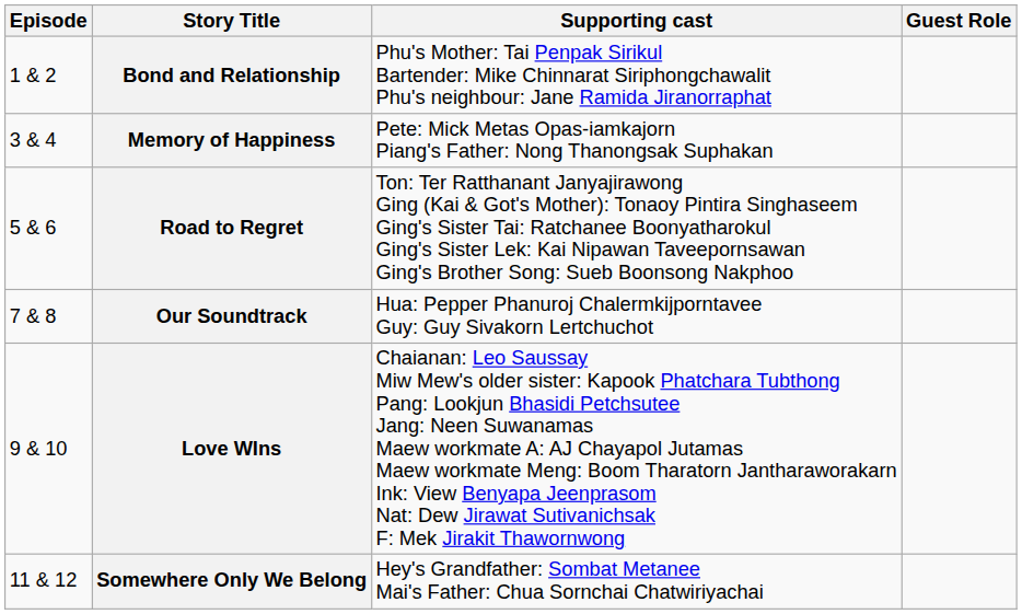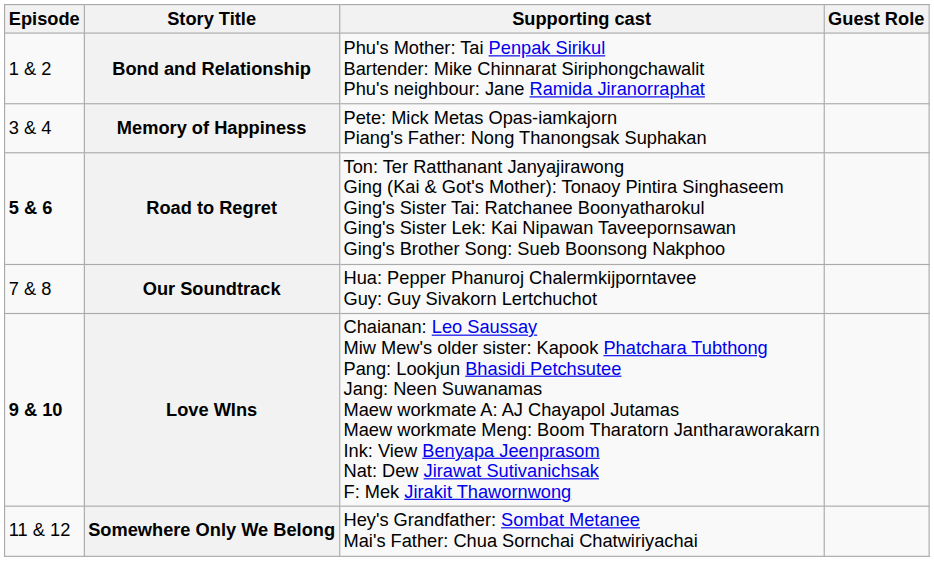 <table class="wikitable">
 <tr>
 <th>Episode</th>
 <th>Story Title</th>
 <th>Supporting cast</th>
 <th>Guest Role</th>
 </tr>
 <tr>
 <td>1 & 2</td>
 <th>Bond and Relationship</th>
 <td>Phu's Mother: Tai <a href='#'>Penpak Sirikul</a><br> Bartender: Mike Chinnarat Siriphongchawalit <br> Phu's neighbour: Jane <a href='#'>Ramida Jiranorraphat</a></td>
 </tr>
 <tr>
 <td>3 & 4</td>
 <th>Memory of Happiness</th>
 <td>Pete: Mick Metas Opas-iamkajorn <br> Piang's Father: Nong Thanongsak Suphakan</td>
 <td></td>
 </tr>
 <tr>
-<td>5 & 6</td>
+<td><strong>5 & 6</strong></td>
 <th>Road to Regret</th>
 <td>Ton: Ter Ratthanant Janyajirawong <br> Ging (Kai & Got's Mother): Tonaoy Pintira Singhaseem <br> Ging's Sister Tai: Ratchanee Boonyatharokul <br> Ging's Sister Lek: Kai Nipawan Taveepornsawan <br> Ging's Brother Song: Sueb Boonsong Nakphoo</td>
 <td></td>
 </tr>
 <tr>
 <td>7 & 8</td>
 <th>Our Soundtrack</th>
 <td>Hua: Pepper Phanuroj Chalermkijporntavee <br> Guy: Guy Sivakorn Lertchuchot</td>
 <td></td>
 </tr>
 <tr>
-<td>9 & 10</td>
+<td><strong>9 & 10</strong></td>
 <th>Love WIns</th>
 <td>Chaianan: <a href='#'>Leo Saussay</a> <br> Miw Mew's older sister: Kapook <a href='#'>Phatchara Tubthong</a> <br> Pang: Lookjun <a href='#'>Bhasidi Petchsutee</a> <br> Jang: Neen Suwanamas <br> Maew workmate A: AJ Chayapol Jutamas <br> Maew workmate Meng: Boom Tharatorn Jantharaworakarn <br> Ink: View <a href='#'>Benyapa Jeenprasom</a> <br> Nat: Dew <a href='#'>Jirawat Sutivanichsak</a> <br> F: Mek <a href='#'>Jirakit Thawornwong</a></td>
 </tr>
 <tr>
 <td>11 & 12</td>
 <th>Somewhere Only We Belong</th>
 <td>Hey's Grandfather: <a href='#'>Sombat Metanee</a> <br> Mai's Father: Chua Sornchai Chatwiriyachai</td>
 <td></td>
 </tr>
 </table>
